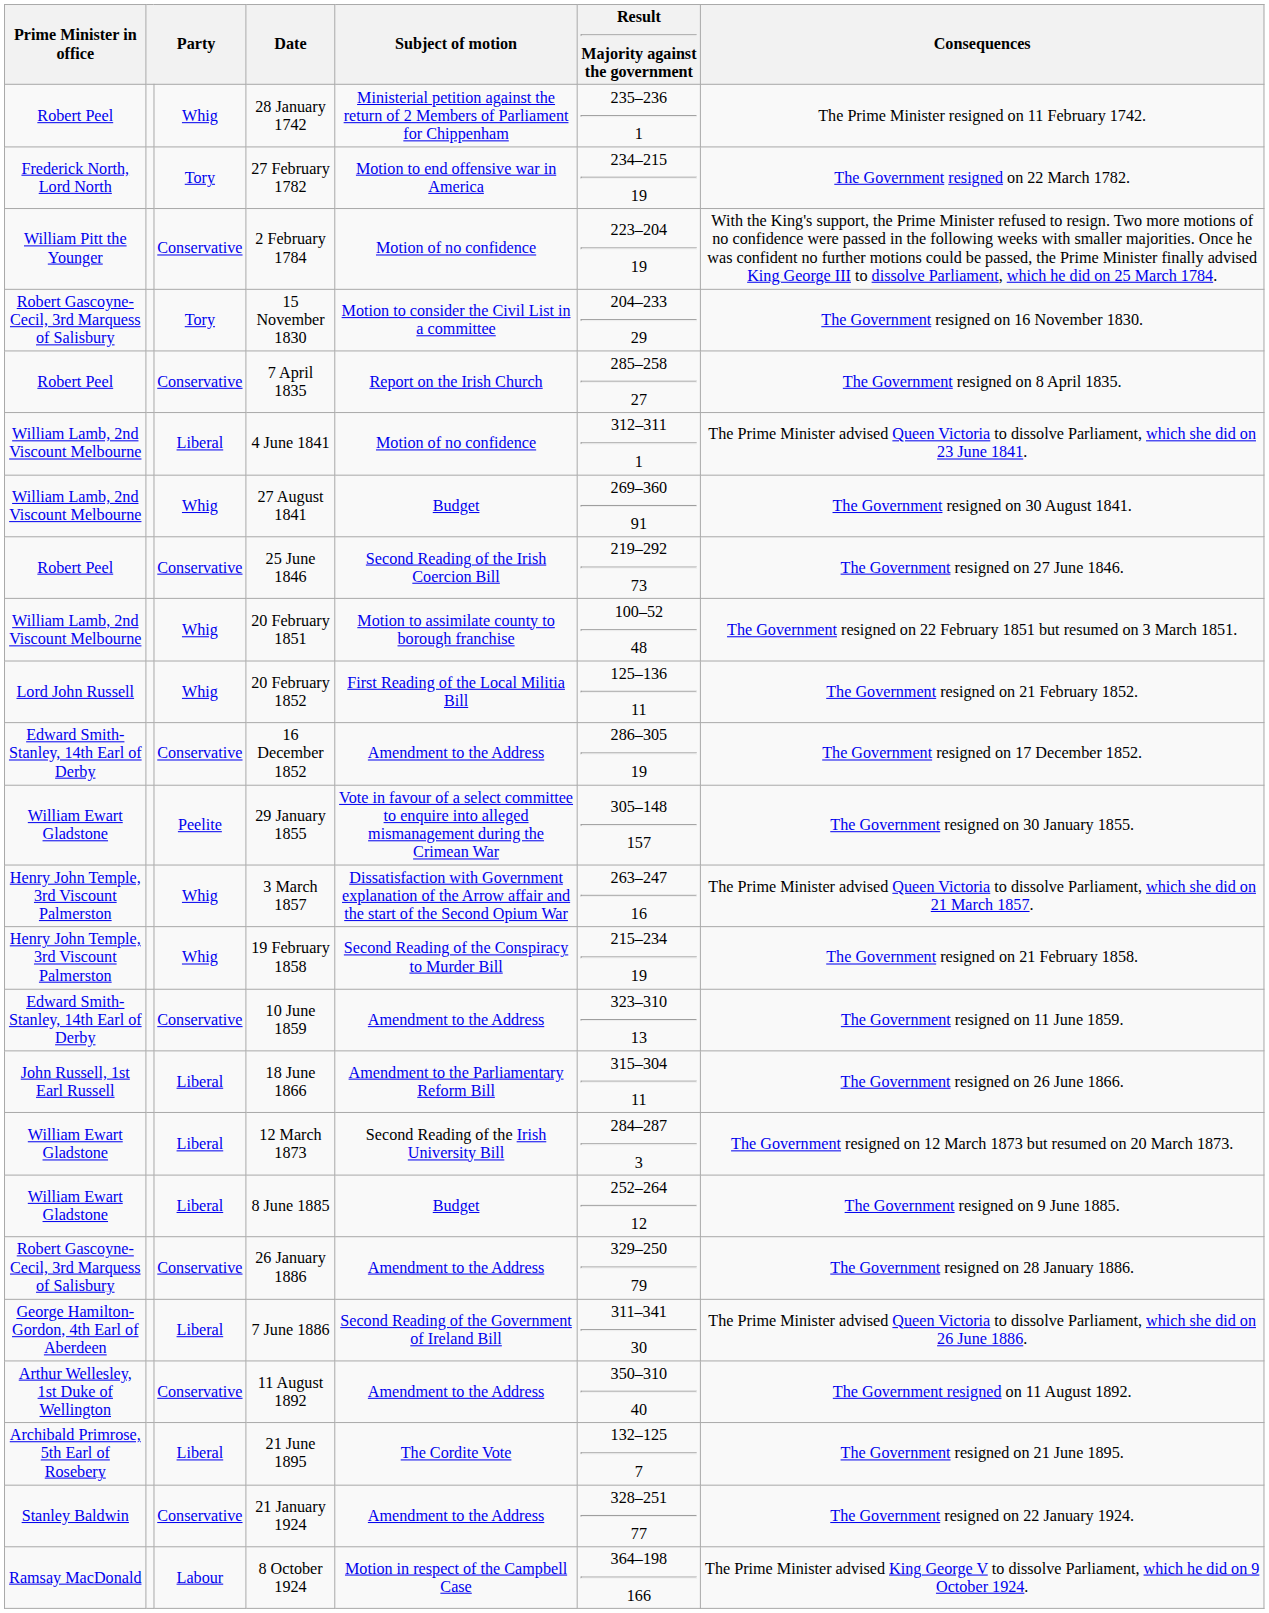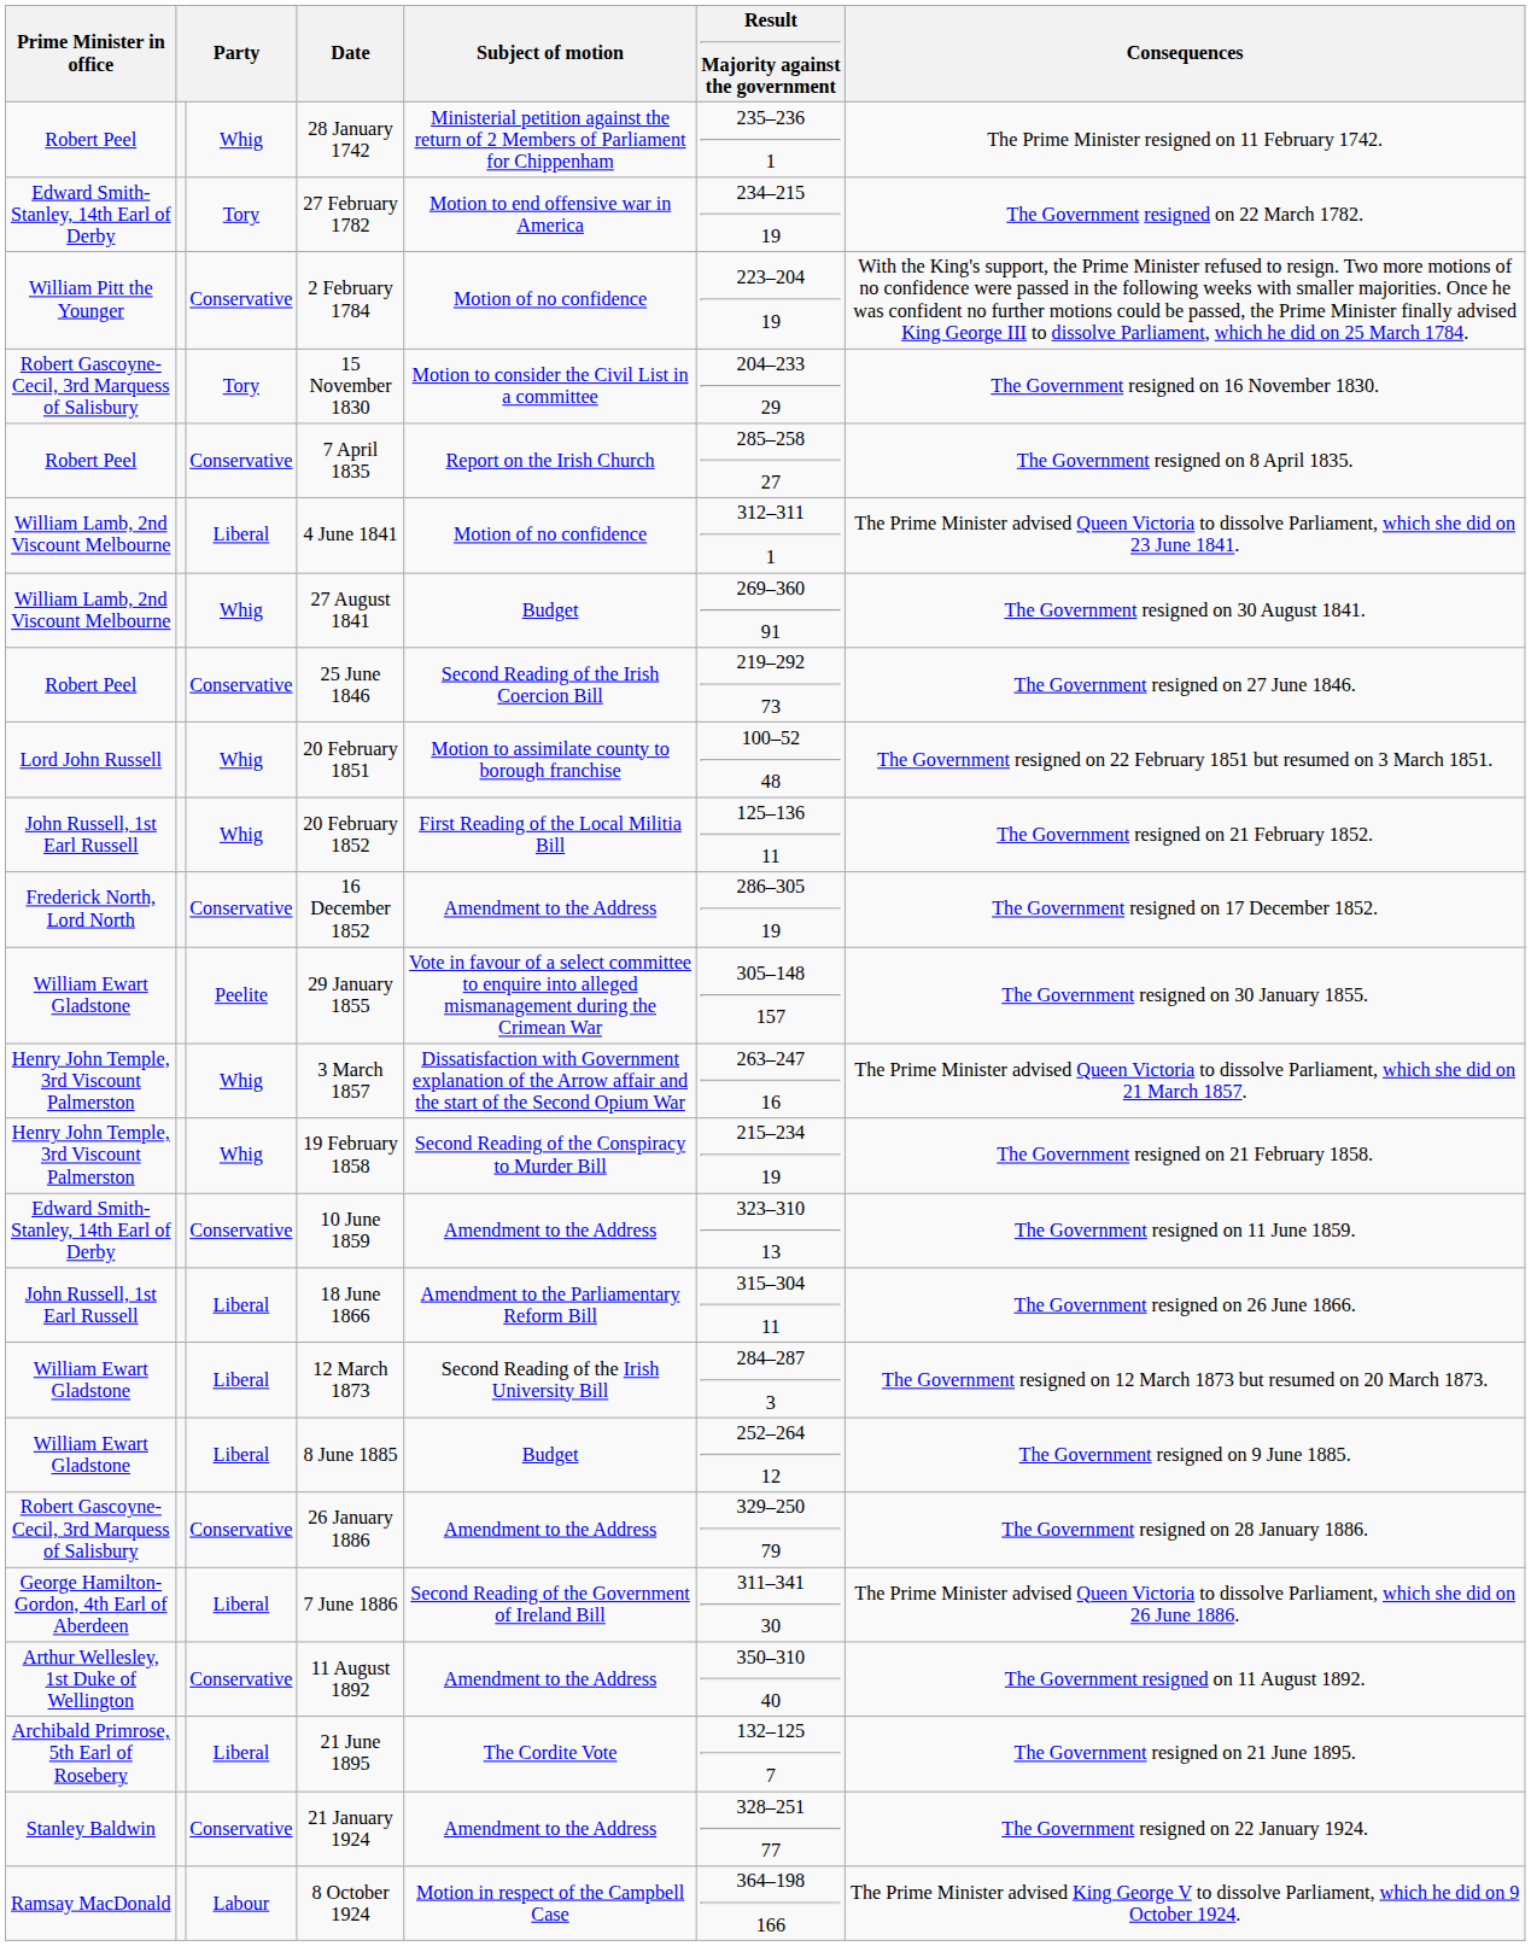 <table class="wikitable sortable" style="text-align:center">
 <tr>
 <th>Prime Minister in office</th>
 <th colspan=2>Party</th>
 <th>Date</th>
 <th>Subject of motion</th>
 <th data-sort-type=number>Result<hr>Majority against the government</th>
 <th>Consequences</th>
 </tr>
 <tr>
 <td><a href='#'>Robert Peel</a></td>
 <td style="background-color: "></td>
 <td><a href='#'>Whig</a></td>
 <td>28 January 1742</td>
 <td><a href='#'>Ministerial petition against the return of 2 Members of Parliament for Chippenham</a></td>
 <td data-sort-value=1>235–236<hr>1</td>
 <td>The Prime Minister resigned on 11 February 1742.</td>
 </tr>
 <tr>
-<td><a href='#'>Frederick North, Lord North</a></td>
+<td><a href='#'>Edward Smith-Stanley, 14th Earl of Derby</a></td>
 <td style="background-color: "></td>
 <td><a href='#'>Tory</a></td>
 <td>27 February 1782</td>
 <td><a href='#'>Motion to end offensive war in America</a></td>
 <td data-sort-value=19>234–215<hr>19</td>
 <td><a href='#'>The Government</a> <a href='#'>resigned</a> on 22 March 1782.</td>
 </tr>
 <tr>
 <td><a href='#'>William Pitt the Younger</a></td>
 <td style="background-color: "></td>
 <td><a href='#'>Conservative</a></td>
 <td>2 February 1784</td>
 <td><a href='#'>Motion of no confidence</a></td>
 <td data-sort-value=19>223–204<hr>19</td>
 <td>With the King's support, the Prime Minister refused to resign.  Two more motions of no confidence were passed in the following weeks with smaller majorities.  Once he was confident no further motions could be passed, the Prime Minister finally advised <a href='#'>King George III</a> to <a href='#'>dissolve Parliament</a>, <a href='#'>which he did on 25 March 1784</a>.</td>
 </tr>
 <tr>
 <td><a href='#'>Robert Gascoyne-Cecil, 3rd Marquess of Salisbury</a></td>
 <td style="background-color: "></td>
 <td><a href='#'>Tory</a></td>
 <td>15 November 1830</td>
 <td><a href='#'>Motion to consider the Civil List in a committee</a></td>
 <td data-sort-value=29>204–233<hr>29</td>
 <td><a href='#'>The Government</a> resigned on 16 November 1830.</td>
 </tr>
 <tr>
 <td><a href='#'>Robert Peel</a></td>
 <td style="background-color: "></td>
 <td><a href='#'>Conservative</a></td>
 <td>7 April 1835</td>
 <td><a href='#'>Report on the Irish Church</a></td>
 <td data-sort-value=27>285–258<hr>27</td>
 <td><a href='#'>The Government</a> resigned on 8 April 1835.</td>
 </tr>
 <tr>
 <td><a href='#'>William Lamb, 2nd Viscount Melbourne</a></td>
 <td style="background-color: "></td>
 <td><a href='#'>Liberal</a></td>
 <td>4 June 1841</td>
 <td><a href='#'>Motion of no confidence</a></td>
 <td data-sort-value=1>312–311<hr>1</td>
 <td>The Prime Minister advised <a href='#'>Queen Victoria</a> to dissolve Parliament, <a href='#'>which she did on 23 June 1841</a>.</td>
 </tr>
 <tr>
 <td><a href='#'>William Lamb, 2nd Viscount Melbourne</a></td>
 <td style="background-color: "></td>
 <td><a href='#'>Whig</a></td>
 <td>27 August 1841</td>
 <td><a href='#'>Budget</a></td>
 <td data-sort-value=91>269–360<hr>91</td>
 <td><a href='#'>The Government</a> resigned on 30 August 1841.</td>
 </tr>
 <tr>
 <td><a href='#'>Robert Peel</a></td>
 <td style="background-color: "></td>
 <td><a href='#'>Conservative</a></td>
 <td>25 June 1846</td>
 <td><a href='#'>Second Reading of the Irish Coercion Bill</a></td>
 <td data-sort-value=73>219–292<hr>73</td>
 <td><a href='#'>The Government</a> resigned on 27 June 1846.</td>
 </tr>
 <tr>
-<td><a href='#'>William Lamb, 2nd Viscount Melbourne</a></td>
+<td><a href='#'>Lord John Russell</a></td>
 <td style="background-color: "></td>
 <td><a href='#'>Whig</a></td>
 <td>20 February 1851</td>
 <td><a href='#'>Motion to assimilate county to borough franchise</a></td>
 <td data-sort-value=48>100–52<hr>48</td>
 <td><a href='#'>The Government</a> resigned on 22 February 1851 but resumed on 3 March 1851.</td>
 </tr>
 <tr>
-<td><a href='#'>Lord John Russell</a></td>
+<td><a href='#'>John Russell, 1st Earl Russell</a></td>
 <td style="background-color: "></td>
 <td><a href='#'>Whig</a></td>
 <td>20 February 1852</td>
 <td><a href='#'>First Reading of the Local Militia Bill</a></td>
 <td data-sort-value=11>125–136<hr>11</td>
 <td><a href='#'>The Government</a> resigned on 21 February 1852.</td>
 </tr>
 <tr>
-<td><a href='#'>Edward Smith-Stanley, 14th Earl of Derby</a></td>
+<td><a href='#'>Frederick North, Lord North</a></td>
 <td style="background-color: "></td>
 <td><a href='#'>Conservative</a></td>
 <td>16 December 1852</td>
 <td><a href='#'>Amendment to the Address</a></td>
 <td data-sort-value=19>286–305<hr>19</td>
 <td><a href='#'>The Government</a> resigned on 17 December 1852.</td>
 </tr>
 <tr>
 <td><a href='#'>William Ewart Gladstone</a></td>
 <td style="background-color: "></td>
 <td><a href='#'>Peelite</a></td>
 <td>29 January 1855</td>
 <td><a href='#'>Vote in favour of a select committee to enquire into alleged mismanagement during the Crimean War</a></td>
 <td data-sort-value=157>305–148<hr>157</td>
 <td><a href='#'>The Government</a> resigned on 30 January 1855.</td>
 </tr>
 <tr>
 <td><a href='#'>Henry John Temple, 3rd Viscount Palmerston</a></td>
 <td style="background-color: "></td>
 <td><a href='#'>Whig</a></td>
 <td>3 March 1857</td>
 <td><a href='#'>Dissatisfaction with Government explanation of the Arrow affair and the start of the Second Opium War</a></td>
 <td data-sort-value=16>263–247<hr>16</td>
 <td>The Prime Minister advised <a href='#'>Queen Victoria</a> to dissolve Parliament, <a href='#'>which she did on 21 March 1857</a>.</td>
 </tr>
 <tr>
 <td><a href='#'>Henry John Temple, 3rd Viscount Palmerston</a></td>
 <td style="background-color: "></td>
 <td><a href='#'>Whig</a></td>
 <td>19 February 1858</td>
 <td><a href='#'>Second Reading of the Conspiracy to Murder Bill</a></td>
 <td data-sort-value=19>215–234<hr>19</td>
 <td><a href='#'>The Government</a> resigned on 21 February 1858.</td>
 </tr>
 <tr>
 <td><a href='#'>Edward Smith-Stanley, 14th Earl of Derby</a></td>
 <td style="background-color: "></td>
 <td><a href='#'>Conservative</a></td>
 <td>10 June 1859</td>
 <td><a href='#'>Amendment to the Address</a></td>
 <td data-sort-value=13>323–310<hr>13</td>
 <td><a href='#'>The Government</a> resigned on 11 June 1859.</td>
 </tr>
 <tr>
 <td><a href='#'>John Russell, 1st Earl Russell</a></td>
 <td style="background-color: "></td>
 <td><a href='#'>Liberal</a></td>
 <td>18 June 1866</td>
 <td><a href='#'>Amendment to the Parliamentary Reform Bill</a></td>
 <td data-sort-value=11>315–304<hr>11</td>
 <td><a href='#'>The Government</a> resigned on 26 June 1866.</td>
 </tr>
 <tr>
 <td><a href='#'>William Ewart Gladstone</a></td>
 <td style="background-color: "></td>
 <td><a href='#'>Liberal</a></td>
 <td>12 March 1873</td>
 <td>Second Reading of the <a href='#'>Irish University Bill</a></td>
 <td data-sort-value=3>284–287<hr>3</td>
 <td><a href='#'>The Government</a> resigned on 12 March 1873 but resumed on 20 March 1873.</td>
 </tr>
 <tr>
 <td><a href='#'>William Ewart Gladstone</a></td>
 <td style="background-color: "></td>
 <td><a href='#'>Liberal</a></td>
 <td>8 June 1885</td>
 <td><a href='#'>Budget</a></td>
 <td data-sort-value=12>252–264<hr>12</td>
 <td><a href='#'>The Government</a> resigned on 9 June 1885.</td>
 </tr>
 <tr>
 <td><a href='#'>Robert Gascoyne-Cecil, 3rd Marquess of Salisbury</a></td>
 <td style="background-color: "></td>
 <td><a href='#'>Conservative</a></td>
 <td>26 January 1886</td>
 <td><a href='#'>Amendment to the Address</a></td>
 <td data-sort-value=79>329–250<hr>79</td>
 <td><a href='#'>The Government</a> resigned on 28 January 1886.</td>
 </tr>
 <tr>
 <td><a href='#'>George Hamilton-Gordon, 4th Earl of Aberdeen</a></td>
 <td style="background-color: "></td>
 <td><a href='#'>Liberal</a></td>
 <td>7 June 1886</td>
 <td><a href='#'>Second Reading of the Government of Ireland Bill</a></td>
 <td data-sort-value=30>311–341<hr>30</td>
 <td>The Prime Minister advised <a href='#'>Queen Victoria</a> to dissolve Parliament, <a href='#'>which she did on 26 June 1886</a>.</td>
 </tr>
 <tr>
 <td><a href='#'>Arthur Wellesley, 1st Duke of Wellington</a></td>
 <td style="background-color: "></td>
 <td><a href='#'>Conservative</a></td>
 <td>11 August 1892</td>
 <td><a href='#'>Amendment to the Address</a></td>
 <td data-sort-value=40>350–310<hr>40</td>
 <td><a href='#'>The Government resigned</a> on 11 August 1892.</td>
 </tr>
 <tr>
 <td><a href='#'>Archibald Primrose, 5th Earl of Rosebery</a></td>
 <td style="background-color: "></td>
 <td><a href='#'>Liberal</a></td>
 <td>21 June 1895</td>
 <td><a href='#'>The Cordite Vote</a></td>
 <td data-sort-value=7>132–125<hr>7</td>
 <td><a href='#'>The Government</a> resigned on 21 June 1895.</td>
 </tr>
 <tr>
 <td><a href='#'>Stanley Baldwin</a></td>
 <td style="background-color: "></td>
 <td><a href='#'>Conservative</a></td>
 <td>21 January 1924</td>
 <td><a href='#'>Amendment to the Address</a></td>
 <td data-sort-value=77>328–251<hr>77</td>
 <td><a href='#'>The Government</a> resigned on 22 January 1924.</td>
 </tr>
 <tr>
 <td><a href='#'>Ramsay MacDonald</a></td>
 <td style="background-color: "></td>
 <td><a href='#'>Labour</a></td>
 <td>8 October 1924</td>
 <td><a href='#'>Motion in respect of the Campbell Case</a></td>
 <td data-sort-value=166>364–198<hr>166</td>
 <td>The Prime Minister advised <a href='#'>King George V</a> to dissolve Parliament, <a href='#'>which he did on 9 October 1924</a>.</td>
 </tr>
 </table>
